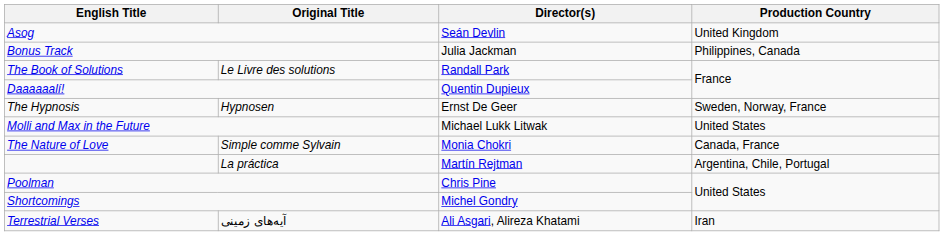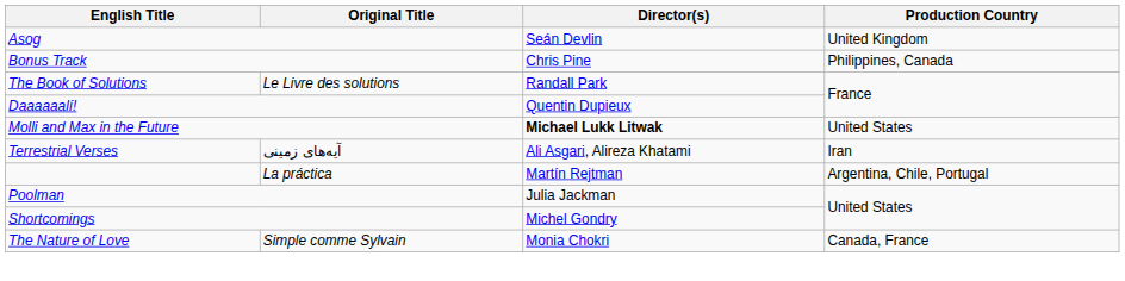 <table class="wikitable" style="width:100%; margin-bottom:4px">
 <tr>
 <th>English Title</th>
 <th>Original Title</th>
 <th>Director(s)</th>
 <th>Production Country</th>
 </tr>
 <tr>
 <td colspan="2"><em><a href='#'>Asog</a></em></td>
 <td><a href='#'>Seán Devlin</a></td>
 <td>United Kingdom</td>
 </tr>
 <tr>
 <td colspan="2"><em><a href='#'>Bonus Track</a></em></td>
-<td>Julia Jackman</td>
+<td><a href='#'>Chris Pine</a></td>
 <td>Philippines, Canada</td>
 </tr>
 <tr>
 <td><em><a href='#'>The Book of Solutions</a></em></td>
 <td><em>Le Livre des solutions</em></td>
 <td><a href='#'>Randall Park</a></td>
 <td rowspan="2">France</td>
 </tr>
 <tr>
 <td colspan="2"><em><a href='#'>Daaaaaalí!</a></em></td>
 <td><a href='#'>Quentin Dupieux</a></td>
 </tr>
 <tr>
-<td><em>The Hypnosis</em></td>
-<td><em>Hypnosen</em></td>
-<td>Ernst De Geer</td>
-<td>Sweden, Norway, France</td>
-</tr>
-<tr>
 <td colspan="2"><em><a href='#'>Molli and Max in the Future</a></em></td>
-<td>Michael Lukk Litwak</td>
+<td><strong>Michael Lukk Litwak</strong></td>
 <td>United States</td>
 </tr>
 <tr>
-<td><em><a href='#'>The Nature of Love</a></em></td>
-<td><em>Simple comme Sylvain</em></td>
-<td><a href='#'>Monia Chokri</a></td>
-<td>Canada, France</td>
+<td><em><a href='#'>Terrestrial Verses</a></em></td>
+<td>آیه‌های زمینی</td>
+<td><a href='#'>Ali Asgari</a>, Alireza Khatami</td>
+<td>Iran</td>
 </tr>
 <tr>
 <td><em></em></td>
 <td><em>La práctica</em></td>
 <td><a href='#'>Martín Rejtman</a></td>
 <td>Argentina, Chile, Portugal</td>
 </tr>
 <tr>
 <td colspan="2"><em><a href='#'>Poolman</a></em></td>
-<td><a href='#'>Chris Pine</a></td>
+<td>Julia Jackman</td>
 <td rowspan="2">United States</td>
 </tr>
 <tr>
 <td colspan="2"><em><a href='#'>Shortcomings</a></em></td>
 <td><a href='#'>Michel Gondry</a></td>
 </tr>
 <tr>
-<td><em><a href='#'>Terrestrial Verses</a></em></td>
-<td>آیه‌های زمینی</td>
-<td><a href='#'>Ali Asgari</a>, Alireza Khatami</td>
-<td>Iran</td>
+<td><em><a href='#'>The Nature of Love</a></em></td>
+<td><em>Simple comme Sylvain</em></td>
+<td><a href='#'>Monia Chokri</a></td>
+<td>Canada, France</td>
 </tr>
 </table>
